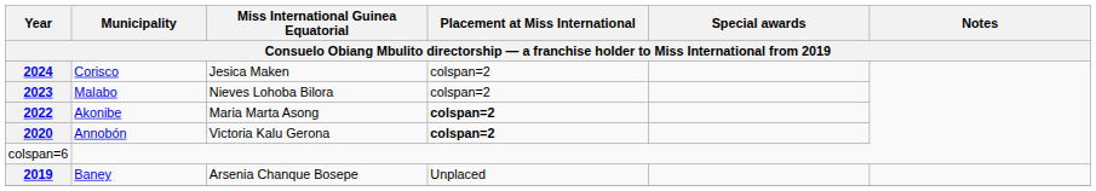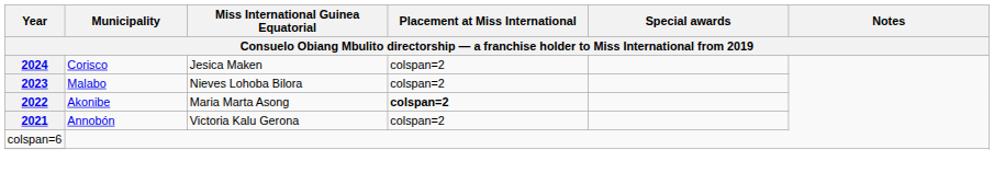 <table class="wikitable " style="font-size: 95%;">
 <tr>
 <th width="60">Year</th>
 <th width="150">Municipality</th>
 <th width="250">Miss International Guinea Equatorial</th>
 <th width="250">Placement at Miss International</th>
 <th width="250">Special awards</th>
 <th width="250">Notes</th>
 </tr>
 <tr>
 <th colspan="6">Consuelo Obiang Mbulito directorship — a franchise holder to Miss International from 2019</th>
 </tr>
 <tr>
 <th><a href='#'>2024</a></th>
 <td><a href='#'>Corisco</a></td>
 <td>Jesica Maken</td>
 <td>colspan=2 </td>
 <td></td>
 </tr>
 <tr>
 <th><a href='#'>2023</a></th>
 <td><a href='#'>Malabo</a></td>
 <td>Nieves Lohoba Bilora</td>
 <td>colspan=2 </td>
 <td></td>
 </tr>
 <tr>
 <th><a href='#'>2022</a></th>
 <td><a href='#'>Akonibe</a></td>
 <td>Maria Marta Asong</td>
 <td><strong>colspan=2 </strong></td>
 <td></td>
 </tr>
 <tr>
-<th><a href='#'>2020</a></th>
+<th><a href='#'>2021</a></th>
 <td><a href='#'>Annobón</a></td>
 <td>Victoria Kalu Gerona</td>
-<td><strong>colspan=2 </strong></td>
+<td>colspan=2 </td>
 <td></td>
 </tr>
 <tr>
 <td>colspan=6 </td>
 </tr>
 <tr>
-<th><a href='#'>2019</a></th>
-<td><a href='#'>Baney</a></td>
-<td>Arsenia Chanque Bosepe</td>
-<td>Unplaced</td>
-<td></td>
-<td></td>
-</tr>
-<tr>
 </tr>
 </table>
